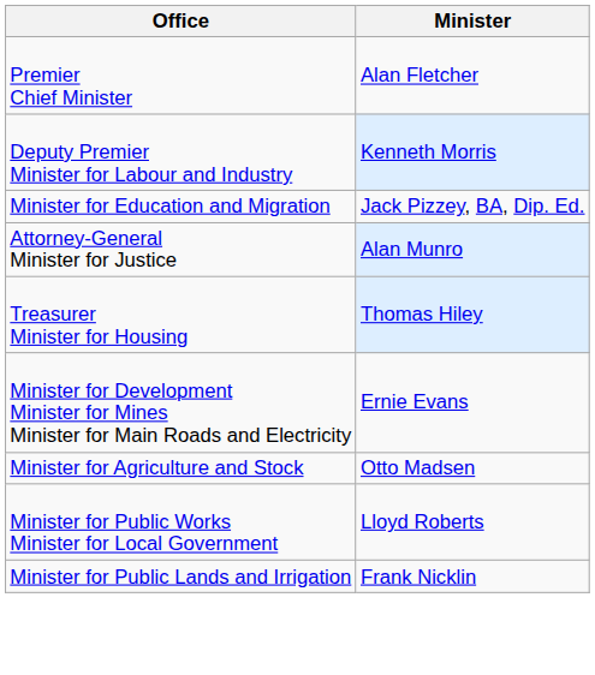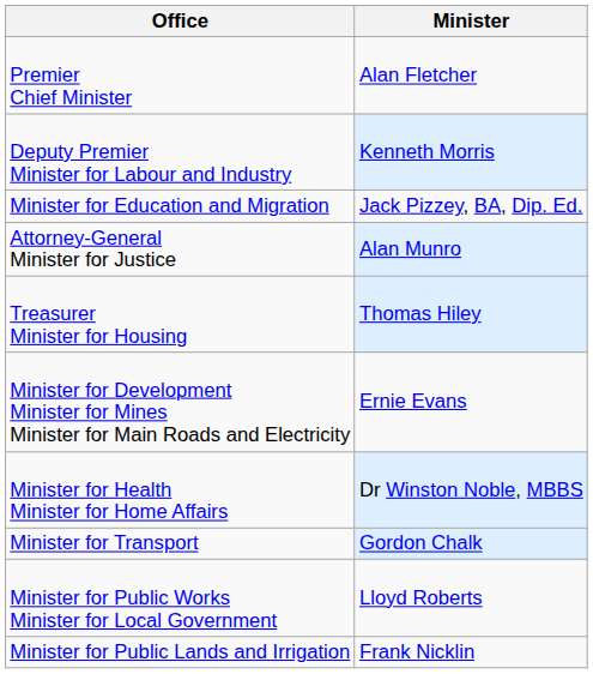 <table class="wikitable">
 <tr>
 <th>Office</th>
 <th>Minister</th>
 </tr>
 <tr>
 <td><br><a href='#'>Premier</a><br> <a href='#'>Chief Minister</a><br></td>
 <td><a href='#'>Alan Fletcher</a></td>
 </tr>
 <tr>
 <td><br><a href='#'>Deputy Premier</a><br> <a href='#'>Minister for Labour and Industry</a></td>
 <td style="background:#DDEEFF"><a href='#'>Kenneth Morris</a></td>
 </tr>
 <tr>
 <td><a href='#'>Minister for Education and Migration</a></td>
 <td><a href='#'>Jack Pizzey</a>, <a href='#'>BA</a>, <a href='#'>Dip. Ed.</a></td>
 </tr>
 <tr>
 <td><a href='#'>Attorney-General</a><br>Minister for Justice</td>
 <td style="background:#DDEEFF"><a href='#'>Alan Munro</a></td>
 </tr>
 <tr>
 <td><br><a href='#'>Treasurer</a><br> <a href='#'>Minister for Housing</a><br></td>
 <td style="background:#DDEEFF"><a href='#'>Thomas Hiley</a></td>
 </tr>
 <tr>
 <td><br><a href='#'>Minister for Development</a><br> <a href='#'>Minister for Mines</a><br> Minister for Main Roads and Electricity</td>
 <td><a href='#'>Ernie Evans</a></td>
 </tr>
 <tr>
-<td><a href='#'>Minister for Agriculture and Stock</a></td>
-<td><a href='#'>Otto Madsen</a></td>
+<td><br><a href='#'>Minister for Health</a><br> <a href='#'>Minister for Home Affairs</a></td>
+<td style="background:#DDEEFF">Dr <a href='#'>Winston Noble</a>, <a href='#'>MBBS</a></td>
+</tr>
+<tr>
+<td><a href='#'>Minister for Transport</a></td>
+<td style="background:#DDEEFF"><a href='#'>Gordon Chalk</a></td>
 </tr>
 <tr>
 <td><br><a href='#'>Minister for Public Works</a><br> <a href='#'>Minister for Local Government</a><br></td>
 <td><a href='#'>Lloyd Roberts</a></td>
 </tr>
 <tr>
 <td><a href='#'>Minister for Public Lands and Irrigation</a></td>
 <td><a href='#'>Frank Nicklin</a></td>
 </tr>
 </table>
